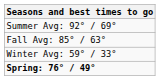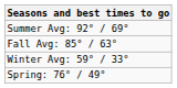 <table class="wikitable">
 <tr>
 <th>Seasons and best times to go</th>
 </tr>
 <tr>
 <td>Summer Avg:  92° / 69°</td>
 </tr>
 <tr>
 <td>Fall Avg:  85° / 63°</td>
 </tr>
 <tr>
 <td>Winter Avg:  59° / 33°</td>
 </tr>
 <tr>
-<td><strong>Spring:  76° / 49°</strong></td>
+<td>Spring:  76° / 49°</td>
 </tr>
 </table>
